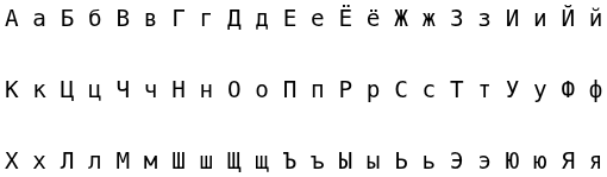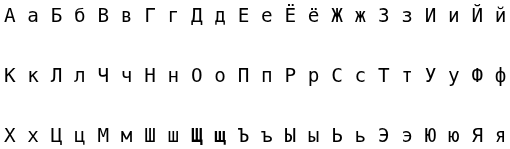 <table class=standard cellpadding=5 style="font-size: 1.5em; line-height: 2.5em; text-align: center;">
 <tr>
 <td style=«width:3em;»>А а</td>
 <td style=«width:3em;»>Б б</td>
 <td style=«width:3em;»>В в</td>
 <td style=«width:3em;»>Г г</td>
 <td style=«width:3em;»>Д д</td>
 <td style=«width:3em;»>Е е</td>
 <td style=«width:3em;»>Ё ё</td>
 <td style=«width:3em;»>Ж ж</td>
 <td style=«width:3em;»>З з</td>
 <td style=«width:3em;»>И и</td>
 <td style=«width:3em;»>Й й</td>
 </tr>
 <tr>
 <td style=«width:3em;»>К к</td>
-<td style=«width:3em;»>Ц ц</td>
+<td style=«width:3em;»>Л л</td>
 <td style=«width:3em;»>Ч ч</td>
 <td style=«width:3em;»>Н н</td>
 <td style=«width:3em;»>О о</td>
 <td style=«width:3em;»>П п</td>
 <td style=«width:3em;»>Р р</td>
 <td style=«width:3em;»>С с</td>
 <td style=«width:3em;»>Т т</td>
 <td style=«width:3em;»>У у</td>
 <td style=«width:3em;»>Ф ф</td>
 </tr>
 <tr>
 <td style=«width:3em;»>Х х</td>
-<td style=«width:3em;»>Л л</td>
+<td style=«width:3em;»>Ц ц</td>
 <td style=«width:3em;»>М м</td>
 <td style=«width:3em;»>Ш ш</td>
-<td style=«width:3em;»>Щ щ</td>
+<td style=«width:3em;»><strong>Щ щ</strong></td>
 <td style=«width:3em;»>Ъ ъ</td>
 <td style=«width:3em;»>Ы ы</td>
 <td style=«width:3em;»>Ь ь</td>
 <td style=«width:3em;»>Э э</td>
 <td style=«width:3em;»>Ю ю</td>
 <td style=«width:3em;»>Я я</td>
 </tr>
 </table>
